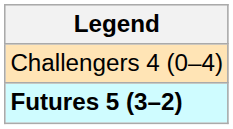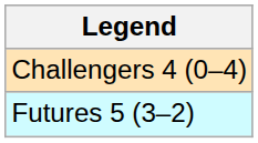 <table class=wikitable style=font-size:97%>
 <tr>
 <th>Legend</th>
 </tr>
 <tr style="background:moccasin;">
 <td>Challengers 4 (0–4)</td>
 </tr>
 <tr style="background:#cffcff;">
-<td><strong>Futures 5 (3–2)</strong></td>
+<td>Futures 5 (3–2)</td>
 </tr>
 </table>
